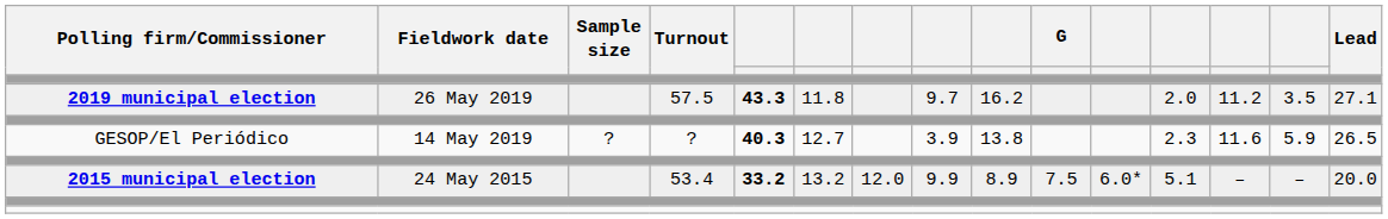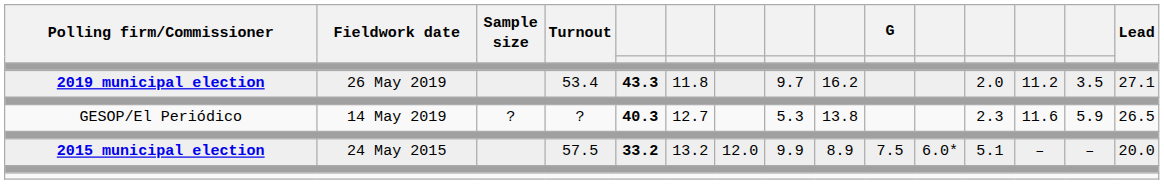 <table class="wikitable collapsible collapsed" style="text-align:center; font-size:95%; line-height:16px;">
 <tr style="height:42px;">
 <th style="width:250px;" rowspan="2">Polling firm/Commissioner</th>
 <th style="width:125px;" rowspan="2">Fieldwork date</th>
 <th style="width:50px;" rowspan="2">Sample size</th>
 <th style="width:45px;" rowspan="2">Turnout</th>
 <th style="width:35px;"></th>
 <th style="width:35px;"></th>
 <th style="width:35px;"></th>
 <th style="width:35px;"></th>
 <th style="width:35px;"></th>
 <th style="width:35px;">G</th>
 <th style="width:35px;"></th>
 <th style="width:35px;"></th>
 <th style="width:35px;"></th>
 <th style="width:35px;"></th>
 <th style="width:30px;" rowspan="2">Lead</th>
 </tr>
 <tr>
 <th style="color:inherit;background:"></th>
 <th style="color:inherit;background:"></th>
 <th style="color:inherit;background:"></th>
 <th style="color:inherit;background:"></th>
 <th style="color:inherit;background:"></th>
 <th style="color:inherit;background:"></th>
 <th style="color:inherit;background:"></th>
 <th style="color:inherit;background:"></th>
 <th style="color:inherit;background:"></th>
 <th style="color:inherit;background:"></th>
 </tr>
 <tr>
 <td colspan="15" style="background:#A0A0A0"></td>
 </tr>
 <tr style="background:#EFEFEF;">
 <td><strong><a href='#'>2019 municipal election</a></strong></td>
 <td>26 May 2019</td>
 <td></td>
-<td>57.5</td>
+<td>53.4</td>
 <td><strong>43.3</strong><br></td>
 <td>11.8<br></td>
 <td></td>
 <td>9.7<br></td>
 <td>16.2<br></td>
 <td></td>
 <td></td>
 <td>2.0<br></td>
 <td>11.2<br></td>
 <td>3.5<br></td>
 <td style="background:">27.1</td>
 </tr>
 <tr>
 <td colspan="15" style="background:#A0A0A0"></td>
 </tr>
 <tr>
 <td>GESOP/El Periódico</td>
 <td>14 May 2019</td>
 <td>?</td>
 <td>?</td>
 <td><strong>40.3</strong><br></td>
 <td>12.7<br></td>
 <td></td>
-<td>3.9<br></td>
+<td>5.3<br></td>
 <td>13.8<br></td>
 <td></td>
 <td></td>
 <td>2.3<br></td>
 <td>11.6<br></td>
 <td>5.9<br></td>
 <td style="background:">26.5</td>
 </tr>
 <tr>
 <td colspan="15" style="background:#A0A0A0"></td>
 </tr>
 <tr style="background:#EFEFEF;">
 <td><strong><a href='#'>2015 municipal election</a></strong></td>
 <td>24 May 2015</td>
 <td></td>
-<td>53.4</td>
+<td>57.5</td>
 <td><strong>33.2</strong><br></td>
 <td>13.2<br></td>
 <td>12.0<br></td>
 <td>9.9<br></td>
 <td>8.9<br></td>
 <td>7.5<br></td>
 <td>6.0*<br></td>
 <td>5.1<br></td>
 <td>–</td>
 <td>–</td>
 <td style="background:">20.0</td>
 </tr>
 <tr>
 <td colspan="15" style="background:#A0A0A0"></td>
 </tr>
 <tr>
 <td align="left" colspan="15"></td>
 </tr>
 </table>
